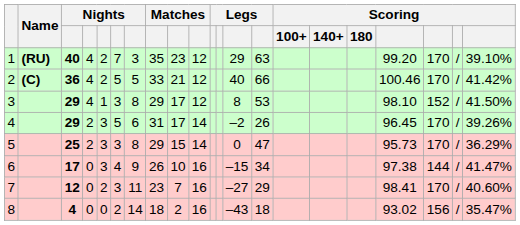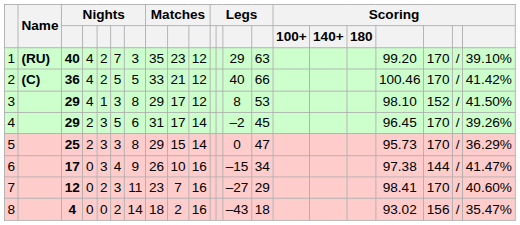 <table class="wikitable sortable" style="text-align:center;">
 <tr>
 <th rowspan=2></th>
 <th rowspan=2>Name</th>
 <th colspan="5">Nights</th>
 <th colspan="3">Matches</th>
 <th colspan="4">Legs</th>
 <th colspan="7">Scoring</th>
 </tr>
 <tr>
 <th></th>
 <th></th>
 <th></th>
 <th></th>
 <th></th>
 <th></th>
 <th></th>
 <th></th>
 <th></th>
 <th></th>
 <th></th>
 <th></th>
 <th>100+</th>
 <th>140+</th>
 <th>180</th>
 <th></th>
 <th></th>
 <th></th>
 <th></th>
 </tr>
 <tr style="background:#ccffcc;">
 <td>1</td>
 <td align="left"> <strong>(RU)</strong></td>
 <td><strong>40</strong></td>
 <td>4</td>
 <td>2</td>
 <td>7</td>
 <td>3</td>
 <td>35</td>
 <td>23</td>
 <td>12</td>
 <td></td>
 <td></td>
 <td>29</td>
 <td>63</td>
 <td></td>
 <td></td>
 <td></td>
 <td>99.20</td>
 <td>170</td>
 <td>/</td>
 <td>39.10%</td>
 </tr>
 <tr style="background:#ccffcc;">
 <td>2</td>
 <td align="left"> <strong>(C)</strong></td>
 <td><strong>36</strong></td>
 <td>4</td>
 <td>2</td>
 <td>5</td>
 <td>5</td>
 <td>33</td>
 <td>21</td>
 <td>12</td>
 <td></td>
 <td></td>
 <td>40</td>
 <td>66</td>
 <td></td>
 <td></td>
 <td></td>
 <td>100.46</td>
 <td>170</td>
 <td>/</td>
 <td>41.42%</td>
 </tr>
 <tr style="background:#ccffcc;">
 <td>3</td>
 <td align="left"></td>
 <td><strong>29</strong></td>
 <td>4</td>
 <td>1</td>
 <td>3</td>
 <td>8</td>
 <td>29</td>
 <td>17</td>
 <td>12</td>
 <td></td>
 <td></td>
 <td>8</td>
 <td>53</td>
 <td></td>
 <td></td>
 <td></td>
 <td>98.10</td>
 <td>152</td>
 <td>/</td>
 <td>41.50%</td>
 </tr>
 <tr style="background:#ccffcc;">
 <td>4</td>
 <td align="left"></td>
 <td><strong>29</strong></td>
 <td>2</td>
 <td>3</td>
 <td>5</td>
 <td>6</td>
 <td>31</td>
 <td>17</td>
 <td>14</td>
 <td></td>
 <td></td>
 <td>–2</td>
-<td>26</td>
+<td>45</td>
 <td></td>
 <td></td>
 <td></td>
 <td>96.45</td>
 <td>170</td>
 <td>/</td>
 <td>39.26%</td>
 </tr>
 <tr style="background:#ffcccc;">
 <td>5</td>
 <td align="left"></td>
 <td><strong>25</strong></td>
 <td>2</td>
 <td>3</td>
 <td>3</td>
 <td>8</td>
 <td>29</td>
 <td>15</td>
 <td>14</td>
 <td></td>
 <td></td>
 <td>0</td>
 <td>47</td>
 <td></td>
 <td></td>
 <td></td>
 <td>95.73</td>
 <td>170</td>
 <td>/</td>
 <td>36.29%</td>
 </tr>
 <tr style="background:#ffcccc;">
 <td>6</td>
 <td align="left"></td>
 <td><strong>17</strong></td>
 <td>0</td>
 <td>3</td>
 <td>4</td>
 <td>9</td>
 <td>26</td>
 <td>10</td>
 <td>16</td>
 <td></td>
 <td></td>
 <td>–15</td>
 <td>34</td>
 <td></td>
 <td></td>
 <td></td>
 <td>97.38</td>
 <td>144</td>
 <td>/</td>
 <td>41.47%</td>
 </tr>
 <tr style="background:#ffcccc;">
 <td>7</td>
 <td align="left"></td>
 <td><strong>12</strong></td>
 <td>0</td>
 <td>2</td>
 <td>3</td>
 <td>11</td>
 <td>23</td>
 <td>7</td>
 <td>16</td>
 <td></td>
 <td></td>
 <td>–27</td>
 <td>29</td>
 <td></td>
 <td></td>
 <td></td>
 <td>98.41</td>
 <td>170</td>
 <td>/</td>
 <td>40.60%</td>
 </tr>
 <tr style="background:#ffcccc;">
 <td>8</td>
 <td align="left"></td>
 <td><strong>4</strong></td>
 <td>0</td>
 <td>0</td>
 <td>2</td>
 <td>14</td>
 <td>18</td>
 <td>2</td>
 <td>16</td>
 <td></td>
 <td></td>
 <td>–43</td>
 <td>18</td>
 <td></td>
 <td></td>
 <td></td>
 <td>93.02</td>
 <td>156</td>
 <td>/</td>
 <td>35.47%</td>
 </tr>
 </table>
